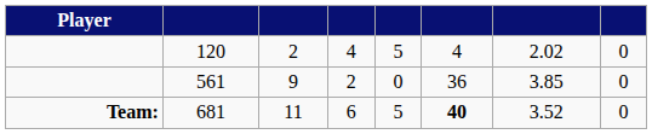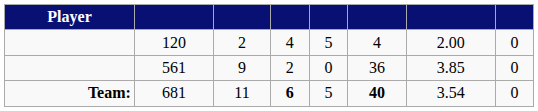 <table class="wikitable sortable" style="width:60%; text-align:center;">
 <tr>
 <th style="color:white; background:#081073; ">Player</th>
 <th style="color:white; background:#081073; "></th>
 <th style="color:white; background:#081073; "></th>
 <th style="color:white; background:#081073; "></th>
 <th style="color:white; background:#081073; "></th>
 <th style="color:white; background:#081073; "></th>
 <th style="color:white; background:#081073; "></th>
 <th style="color:white; background:#081073; "></th>
 </tr>
 <tr align="center">
 <td align="right"></td>
 <td>120</td>
 <td>2</td>
 <td>4</td>
 <td>5</td>
 <td>4</td>
-<td>2.02</td>
+<td>2.00</td>
 <td>0</td>
 </tr>
 <tr align="center">
 <td align="right"></td>
 <td>561</td>
 <td>9</td>
 <td>2</td>
 <td>0</td>
 <td>36</td>
 <td>3.85</td>
 <td>0</td>
 </tr>
 <tr align="center">
 <td align="right"><strong>Team:</strong></td>
 <td>681</td>
 <td>11</td>
-<td>6</td>
+<td><strong>6</strong></td>
 <td>5</td>
 <td><strong>40</strong></td>
-<td>3.52</td>
+<td>3.54</td>
 <td>0</td>
 </tr>
 </table>
